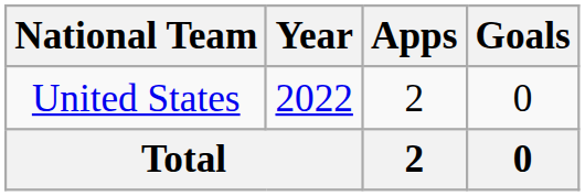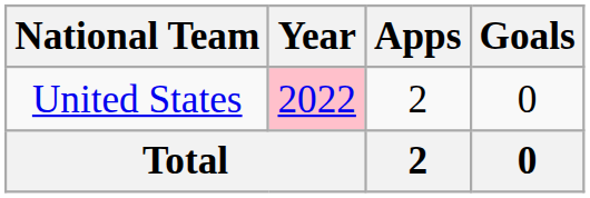 <table class="wikitable" style="text-align:center">
 <tr>
 <th>National Team</th>
 <th>Year</th>
 <th>Apps</th>
 <th>Goals</th>
 </tr>
 <tr>
 <td rowspan=1><a href='#'>United States</a></td>
-<td><a href='#'>2022</a></td>
+<td style="background: pink;"><a href='#'>2022</a></td>
 <td>2</td>
 <td>0</td>
 </tr>
 <tr>
 <th colspan=2>Total</th>
 <th>2</th>
 <th>0</th>
 </tr>
 </table>
